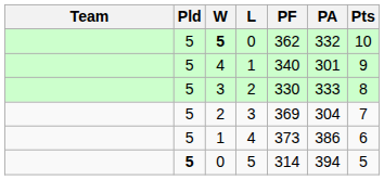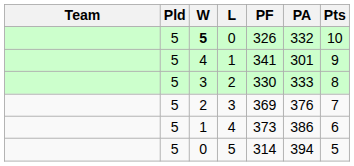 <table class="wikitable" style="text-align:center;">
 <tr>
 <th width=170>Team</th>
 <th width=25>Pld</th>
 <th width=25>W</th>
 <th width=25>L</th>
 <th width=35>PF</th>
 <th width=35>PA</th>
 <th width=25>Pts</th>
 </tr>
 <tr bgcolor=#ccffcc>
 <td align="left"></td>
 <td>5</td>
 <td><strong>5</strong></td>
 <td>0</td>
-<td>362</td>
+<td>326</td>
 <td>332</td>
 <td>10</td>
 </tr>
 <tr bgcolor=#ccffcc>
 <td align="left"></td>
 <td>5</td>
 <td>4</td>
 <td>1</td>
-<td>340</td>
+<td>341</td>
 <td>301</td>
 <td>9</td>
 </tr>
 <tr bgcolor=#ccffcc>
 <td align="left"><em></em></td>
 <td>5</td>
 <td>3</td>
 <td>2</td>
 <td>330</td>
 <td>333</td>
 <td>8</td>
 </tr>
 <tr bgcolor=>
 <td align="left"></td>
 <td>5</td>
 <td>2</td>
 <td>3</td>
 <td>369</td>
-<td>304</td>
+<td>376</td>
 <td>7</td>
 </tr>
 <tr bgcolor=>
 <td align="left"></td>
 <td>5</td>
 <td>1</td>
 <td>4</td>
 <td>373</td>
 <td>386</td>
 <td>6</td>
 </tr>
 <tr bgcolor=>
 <td align="left"></td>
-<td><strong>5</strong></td>
+<td>5</td>
 <td>0</td>
 <td>5</td>
 <td>314</td>
 <td>394</td>
 <td>5</td>
 </tr>
 </table>
